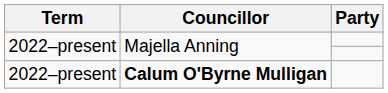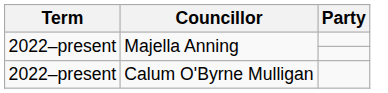 <table class="wikitable">
 <tr>
 <th>Term</th>
 <th>Councillor</th>
 <th colspan=2>Party</th>
 </tr>
 <tr>
 <td rowspan="2">2022–present</td>
 <td rowspan="2">Majella Anning</td>
 <td></td>
 </tr>
 <tr>
 <td></td>
 </tr>
 <tr>
 <td>2022–present</td>
-<td><strong>Calum O'Byrne Mulligan</strong></td>
+<td>Calum O'Byrne Mulligan</td>
 <td></td>
 </tr>
 </table>
